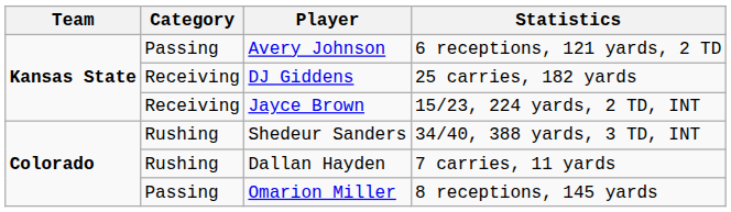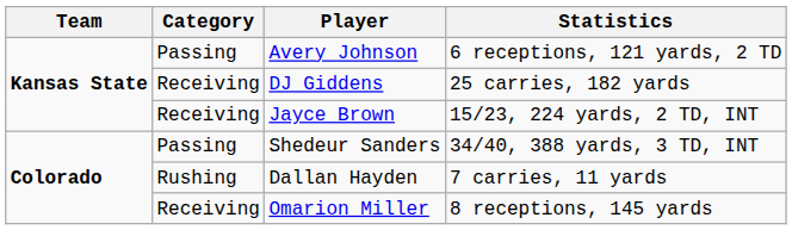 <table class="wikitable" style="float: right;">
 <tr>
 <th>Team</th>
 <th>Category</th>
 <th>Player</th>
 <th>Statistics</th>
 </tr>
 <tr>
 <td rowspan=3><strong>Kansas State</strong></td>
 <td>Passing</td>
 <td><a href='#'>Avery Johnson</a></td>
 <td>6 receptions, 121 yards, 2 TD</td>
 </tr>
 <tr>
 <td>Receiving</td>
 <td><a href='#'>DJ Giddens</a></td>
 <td>25 carries, 182 yards</td>
 </tr>
 <tr>
 <td>Receiving</td>
 <td><a href='#'>Jayce Brown</a></td>
 <td>15/23, 224 yards, 2 TD, INT</td>
 </tr>
 <tr>
 <td rowspan=3><strong>Colorado</strong></td>
-<td>Rushing</td>
+<td>Passing</td>
 <td>Shedeur Sanders</td>
 <td>34/40, 388 yards, 3 TD, INT</td>
 </tr>
 <tr>
 <td>Rushing</td>
 <td>Dallan Hayden</td>
 <td>7 carries, 11 yards</td>
 </tr>
 <tr>
-<td>Passing</td>
+<td>Receiving</td>
 <td><a href='#'>Omarion Miller</a></td>
 <td>8 receptions, 145 yards</td>
 </tr>
 </table>
